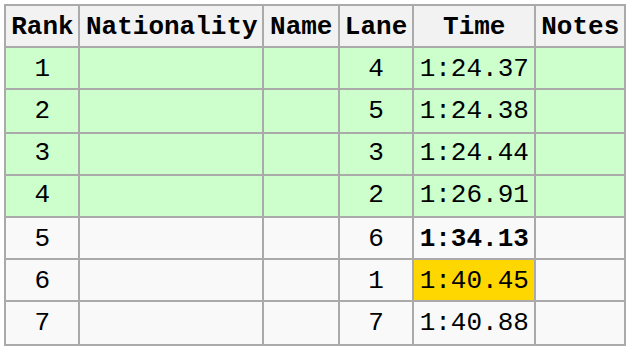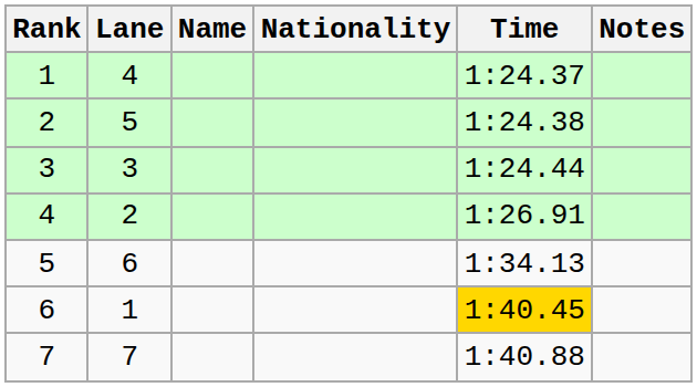 <table class="wikitable sortable" style="text-align:center">
 <tr>
 <th>Rank</th>
+<th>Lane</th>
+<th>Name</th>
 <th>Nationality</th>
-<th>Name</th>
-<th>Lane</th>
 <th>Time</th>
 <th>Notes</th>
 </tr>
 <tr bgcolor=ccffcc>
 <td>1</td>
+<td>4</td>
 <td align=left></td>
 <td align=left></td>
-<td>4</td>
 <td>1:24.37</td>
 <td><strong></strong></td>
 </tr>
 <tr bgcolor=ccffcc>
 <td>2</td>
+<td>5</td>
 <td align=left></td>
 <td align=left></td>
-<td>5</td>
 <td>1:24.38</td>
 <td><strong></strong></td>
 </tr>
 <tr bgcolor=ccffcc>
 <td>3</td>
+<td>3</td>
 <td align=left></td>
 <td align=left></td>
-<td>3</td>
 <td>1:24.44</td>
 <td><strong></strong></td>
 </tr>
 <tr bgcolor=ccffcc>
 <td>4</td>
+<td>2</td>
 <td align=left></td>
 <td align=left></td>
-<td>2</td>
 <td>1:26.91</td>
 <td><strong></strong></td>
 </tr>
 <tr>
 <td>5</td>
+<td>6</td>
 <td align=left></td>
 <td align=left></td>
-<td>6</td>
-<td><strong>1:34.13</strong></td>
+<td>1:34.13</td>
 <td></td>
 </tr>
 <tr>
 <td>6</td>
+<td>1</td>
 <td align=left></td>
 <td align=left></td>
-<td>1</td>
 <td style="background: gold;">1:40.45</td>
 <td></td>
 </tr>
 <tr>
 <td>7</td>
+<td>7</td>
 <td align=left></td>
 <td align=left></td>
-<td>7</td>
 <td>1:40.88</td>
 <td></td>
 </tr>
 </table>
